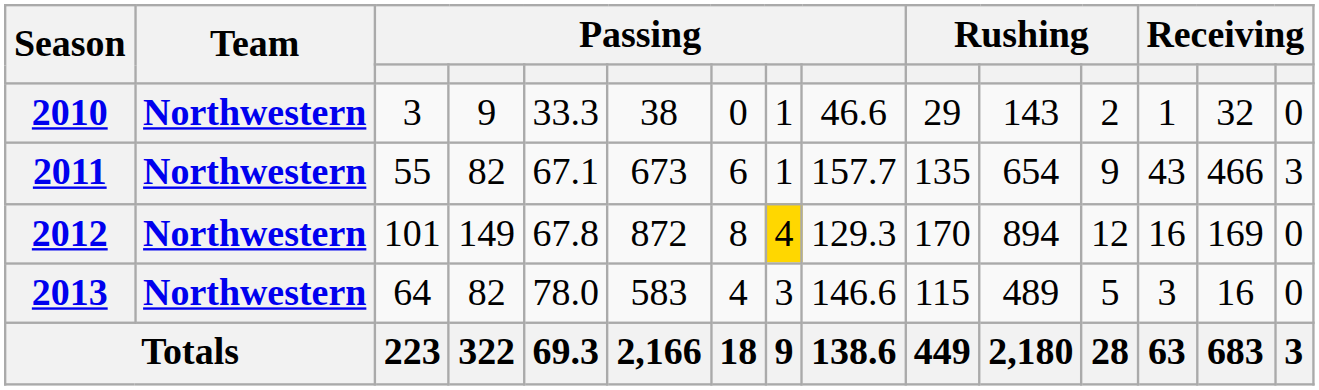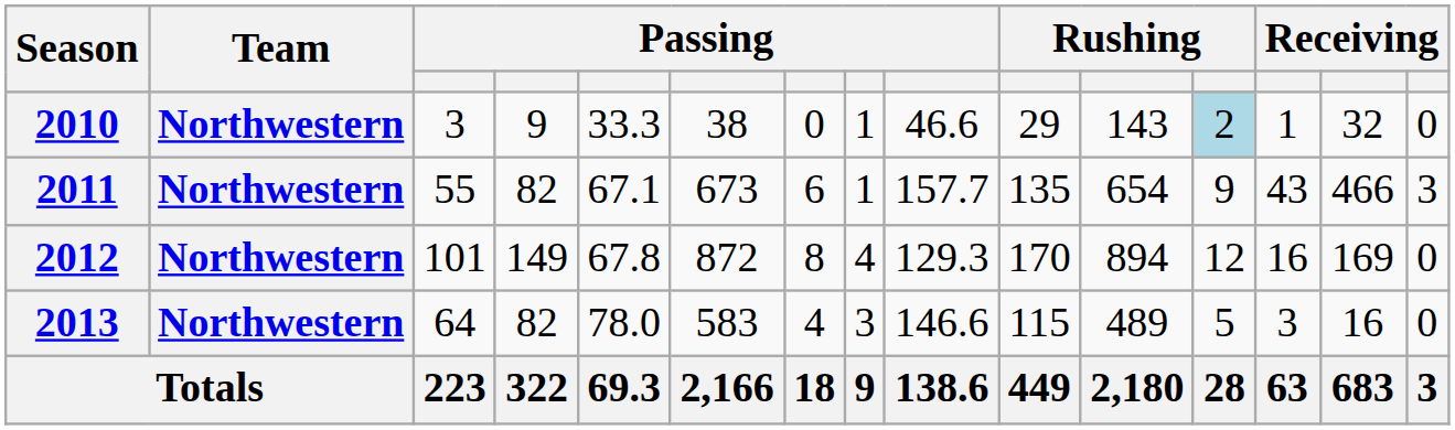 <table class="wikitable" style="text-align:center;">
 <tr>
 <th rowspan="2">Season</th>
 <th rowspan="2">Team</th>
 <th colspan="7">Passing</th>
 <th colspan="3">Rushing</th>
 <th colspan="3">Receiving</th>
 </tr>
 <tr>
 <th></th>
 <th></th>
 <th></th>
 <th></th>
 <th></th>
 <th></th>
 <th></th>
 <th></th>
 <th></th>
 <th></th>
 <th></th>
 <th></th>
 <th></th>
 </tr>
 <tr>
 <th><a href='#'>2010</a></th>
 <th><a href='#'>Northwestern</a></th>
 <td>3</td>
 <td>9</td>
 <td>33.3</td>
 <td>38</td>
 <td>0</td>
 <td>1</td>
 <td>46.6</td>
 <td>29</td>
 <td>143</td>
-<td>2</td>
+<td style="background: lightblue;">2</td>
 <td>1</td>
 <td>32</td>
 <td>0</td>
 </tr>
 <tr>
 <th><a href='#'>2011</a></th>
 <th><a href='#'>Northwestern</a></th>
 <td>55</td>
 <td>82</td>
 <td>67.1</td>
 <td>673</td>
 <td>6</td>
 <td>1</td>
 <td>157.7</td>
 <td>135</td>
 <td>654</td>
 <td>9</td>
 <td>43</td>
 <td>466</td>
 <td>3</td>
 </tr>
 <tr>
 <th><a href='#'>2012</a></th>
 <th><a href='#'>Northwestern</a></th>
 <td>101</td>
 <td>149</td>
 <td>67.8</td>
 <td>872</td>
 <td>8</td>
-<td style="background: gold;">4</td>
+<td>4</td>
 <td>129.3</td>
 <td>170</td>
 <td>894</td>
 <td>12</td>
 <td>16</td>
 <td>169</td>
 <td>0</td>
 </tr>
 <tr>
 <th><a href='#'>2013</a></th>
 <th><a href='#'>Northwestern</a></th>
 <td>64</td>
 <td>82</td>
 <td>78.0</td>
 <td>583</td>
 <td>4</td>
 <td>3</td>
 <td>146.6</td>
 <td>115</td>
 <td>489</td>
 <td>5</td>
 <td>3</td>
 <td>16</td>
 <td>0</td>
 </tr>
 <tr>
 <th colspan="2">Totals</th>
 <th>223</th>
 <th>322</th>
 <th>69.3</th>
 <th>2,166</th>
 <th>18</th>
 <th>9</th>
 <th>138.6</th>
 <th>449</th>
 <th>2,180</th>
 <th>28</th>
 <th>63</th>
 <th>683</th>
 <th>3</th>
 </tr>
 </table>
